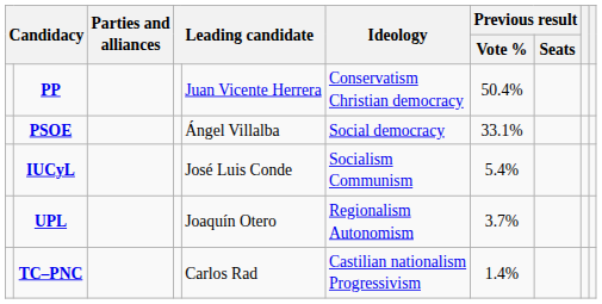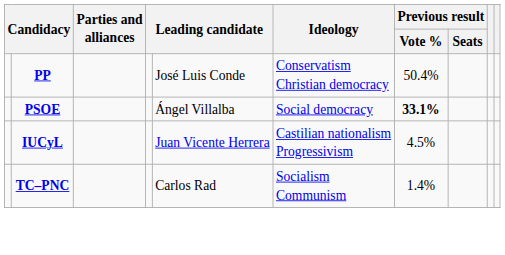 <table class="wikitable" style="line-height:1.35em; text-align:left;">
 <tr>
 <th colspan="2" rowspan="2">Candidacy</th>
 <th rowspan="2">Parties and<br>alliances</th>
 <th colspan="2" rowspan="2">Leading candidate</th>
 <th rowspan="2">Ideology</th>
 <th colspan="2">Previous result</th>
 <th rowspan="2"></th>
 <th rowspan="2"></th>
 </tr>
 <tr>
 <th>Vote %</th>
 <th>Seats</th>
 </tr>
 <tr>
 <td width="1" style="color:inherit;background:"></td>
 <td align="center"><strong><a href='#'>PP</a></strong></td>
 <td></td>
 <td></td>
-<td><a href='#'>Juan Vicente Herrera</a></td>
+<td>José Luis Conde</td>
 <td><a href='#'>Conservatism</a><br><a href='#'>Christian democracy</a></td>
 <td align="center">50.4%</td>
 <td></td>
 <td></td>
 <td><br></td>
 </tr>
 <tr>
 <td style="color:inherit;background:"></td>
 <td align="center"><strong><a href='#'>PSOE</a></strong></td>
 <td></td>
 <td></td>
 <td>Ángel Villalba</td>
 <td><a href='#'>Social democracy</a></td>
-<td align="center">33.1%</td>
+<td align="center"><strong>33.1%</strong></td>
 <td></td>
 <td></td>
 <td></td>
 </tr>
 <tr>
 <td style="color:inherit;background:"></td>
 <td align="center"><strong><a href='#'>IUCyL</a></strong></td>
 <td></td>
 <td></td>
-<td>José Luis Conde</td>
-<td><a href='#'>Socialism</a><br><a href='#'>Communism</a></td>
-<td align="center">5.4%</td>
-<td></td>
-<td></td>
-<td></td>
-</tr>
-<tr>
-<td style="color:inherit;background:"></td>
-<td align="center"><strong><a href='#'>UPL</a></strong></td>
-<td></td>
-<td></td>
-<td>Joaquín Otero</td>
-<td><a href='#'>Regionalism</a><br><a href='#'>Autonomism</a></td>
-<td align="center">3.7%</td>
+<td><a href='#'>Juan Vicente Herrera</a></td>
+<td><a href='#'>Castilian nationalism</a><br><a href='#'>Progressivism</a></td>
+<td align="center">4.5%</td>
 <td></td>
 <td></td>
 <td></td>
 </tr>
 <tr>
 <td style="color:inherit;background:"></td>
 <td align="center"><strong><a href='#'>TC–PNC</a></strong></td>
 <td></td>
 <td></td>
 <td>Carlos Rad</td>
-<td><a href='#'>Castilian nationalism</a><br><a href='#'>Progressivism</a></td>
+<td><a href='#'>Socialism</a><br><a href='#'>Communism</a></td>
 <td align="center">1.4%</td>
 <td></td>
 <td></td>
 <td></td>
 </tr>
 </table>
